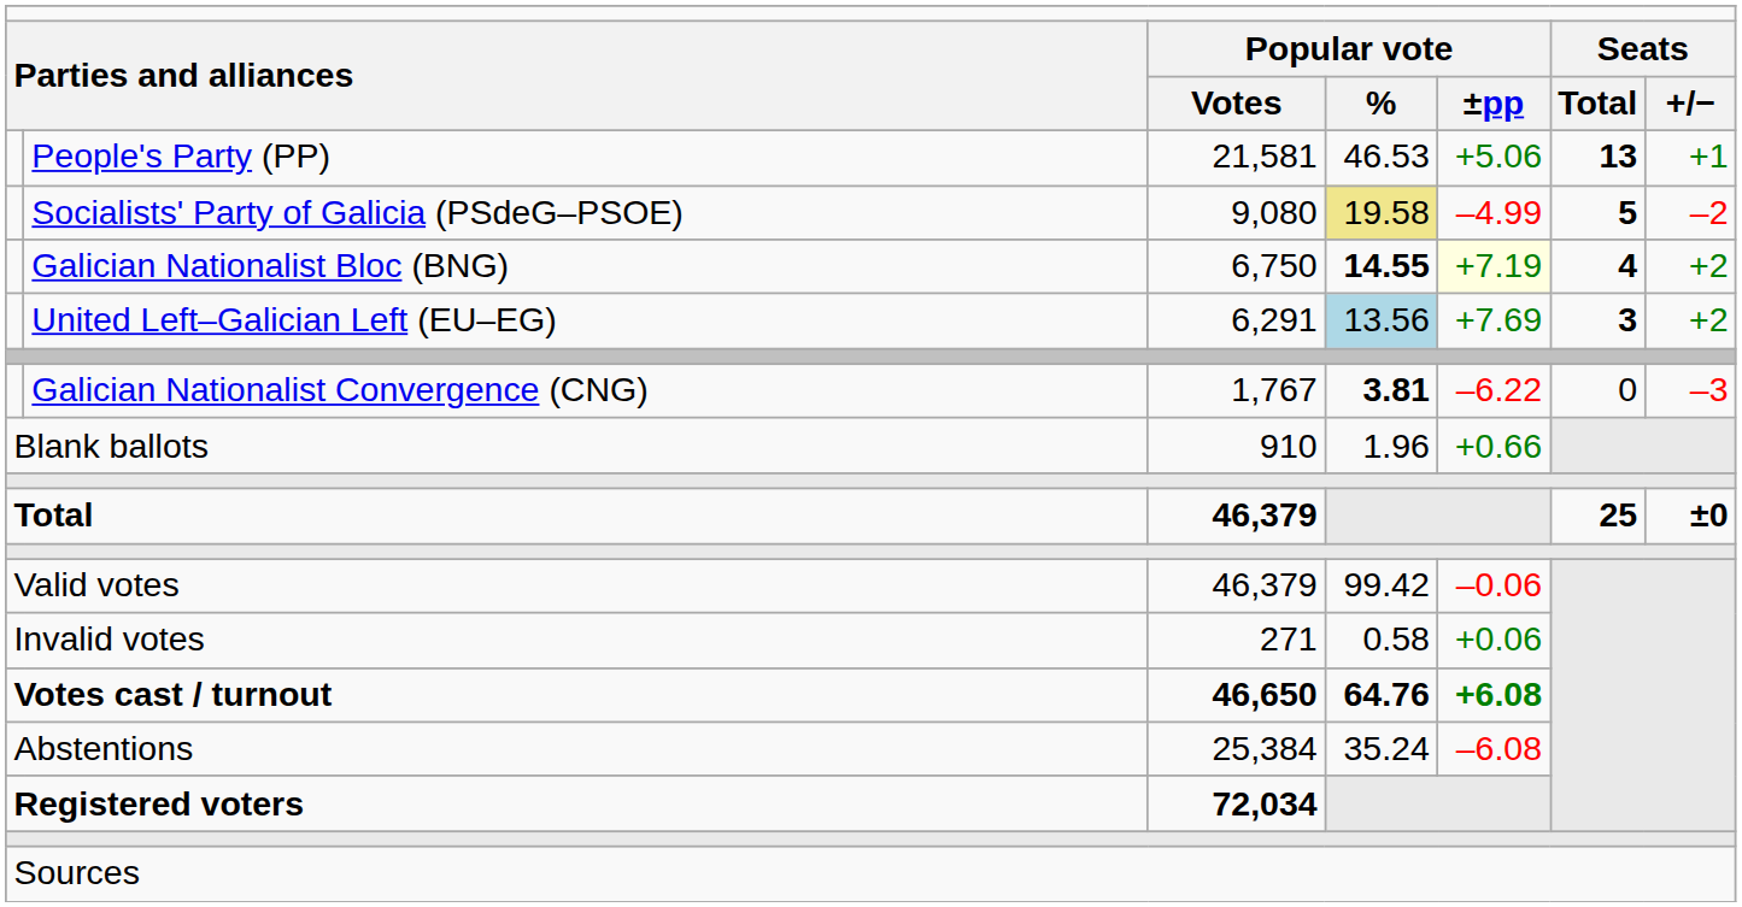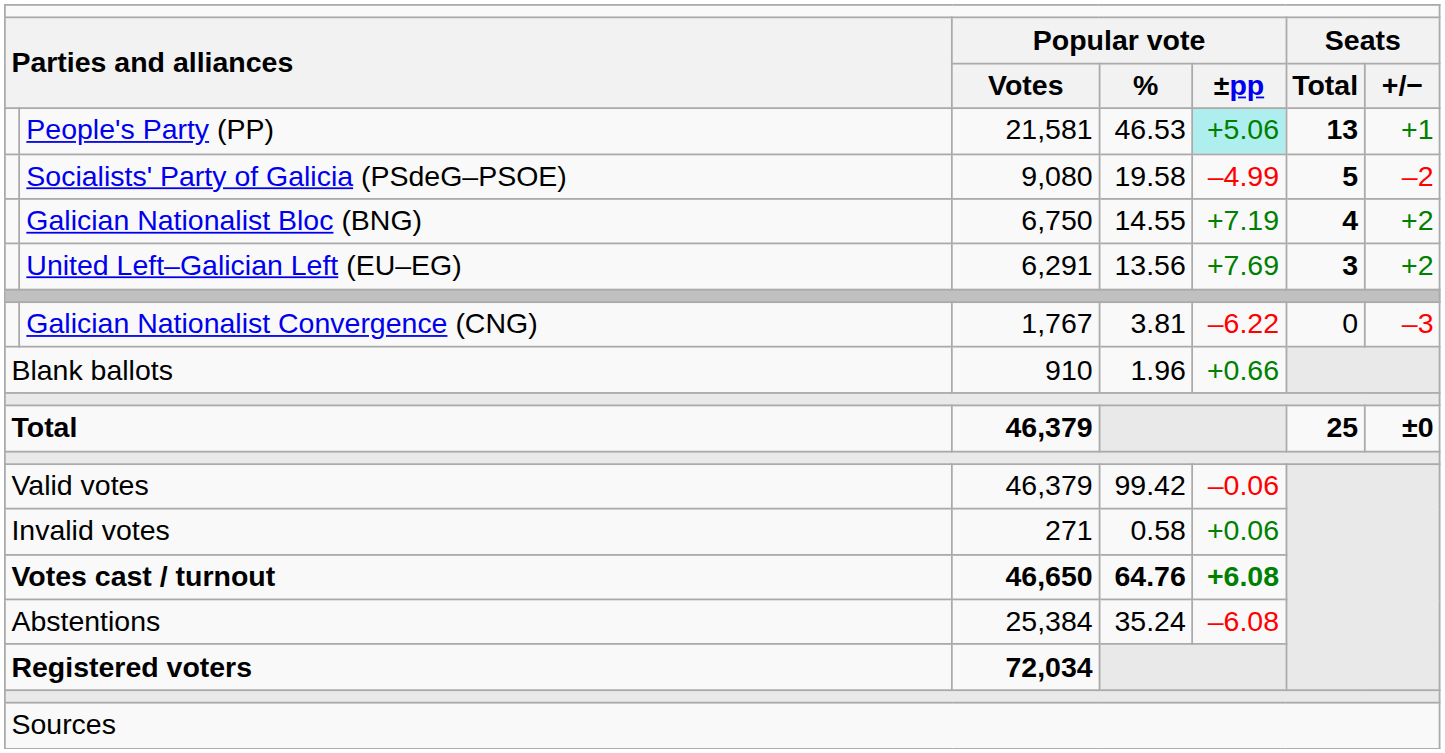 <table class="wikitable" style="text-align:right;">
 <tr>
 <td colspan="7"></td>
 </tr>
 <tr>
 <th style="text-align:left;" rowspan="2" colspan="2" width="525">Parties and alliances</th>
 <th colspan="3">Popular vote</th>
 <th colspan="2">Seats</th>
 </tr>
 <tr>
 <th width="75">Votes</th>
 <th width="45">%</th>
 <th width="45">±<a href='#'>pp</a></th>
 <th width="35">Total</th>
 <th width="35">+/−</th>
 </tr>
 <tr>
 <td width="1" style="color:inherit;background:"></td>
 <td align="left"><a href='#'>People's Party</a> (PP)</td>
 <td>21,581</td>
 <td>46.53</td>
-<td style="color:green;">+5.06</td>
+<td style="background: paleturquoise; color:green;">+5.06</td>
 <td><strong>13</strong></td>
 <td style="color:green;">+1</td>
 </tr>
 <tr>
 <td style="color:inherit;background:"></td>
 <td align="left"><a href='#'>Socialists' Party of Galicia</a> (PSdeG–PSOE)</td>
 <td>9,080</td>
-<td style="background: khaki;">19.58</td>
+<td>19.58</td>
 <td style="color:red;">–4.99</td>
 <td><strong>5</strong></td>
 <td style="color:red;">–2</td>
 </tr>
 <tr>
 <td style="color:inherit;background:"></td>
 <td align="left"><a href='#'>Galician Nationalist Bloc</a> (BNG)</td>
 <td>6,750</td>
-<td><strong>14.55</strong></td>
-<td style="background: lightyellow; color:green;">+7.19</td>
+<td>14.55</td>
+<td style="color:green;">+7.19</td>
 <td><strong>4</strong></td>
 <td style="color:green;">+2</td>
 </tr>
 <tr>
 <td style="color:inherit;background:"></td>
 <td align="left"><a href='#'>United Left–Galician Left</a> (EU–EG)</td>
 <td>6,291</td>
-<td style="background: lightblue;">13.56</td>
+<td>13.56</td>
 <td style="color:green;">+7.69</td>
 <td><strong>3</strong></td>
 <td style="color:green;">+2</td>
 </tr>
 <tr>
 <td colspan="7" bgcolor="#C0C0C0"></td>
 </tr>
 <tr>
 <td style="color:inherit;background:"></td>
 <td align="left"><a href='#'>Galician Nationalist Convergence</a> (CNG)</td>
 <td>1,767</td>
-<td><strong>3.81</strong></td>
+<td>3.81</td>
 <td style="color:red;">–6.22</td>
 <td>0</td>
 <td style="color:red;">–3</td>
 </tr>
 <tr>
 <td align="left" colspan="2">Blank ballots</td>
 <td>910</td>
 <td>1.96</td>
 <td style="color:green;">+0.66</td>
 <td bgcolor="#E9E9E9" colspan="2"></td>
 </tr>
 <tr>
 <td colspan="7" bgcolor="#E9E9E9"></td>
 </tr>
 <tr style="font-weight:bold;">
 <td align="left" colspan="2">Total</td>
 <td>46,379</td>
 <td bgcolor="#E9E9E9" colspan="2"></td>
 <td>25</td>
 <td>±0</td>
 </tr>
 <tr>
 <td colspan="7" bgcolor="#E9E9E9"></td>
 </tr>
 <tr>
 <td align="left" colspan="2">Valid votes</td>
 <td>46,379</td>
 <td>99.42</td>
 <td style="color:red;">–0.06</td>
 <td bgcolor="#E9E9E9" colspan="2" rowspan="5"></td>
 </tr>
 <tr>
 <td align="left" colspan="2">Invalid votes</td>
 <td>271</td>
 <td>0.58</td>
 <td style="color:green;">+0.06</td>
 </tr>
 <tr style="font-weight:bold;">
 <td align="left" colspan="2">Votes cast / turnout</td>
 <td>46,650</td>
 <td>64.76</td>
 <td style="color:green;">+6.08</td>
 </tr>
 <tr>
 <td align="left" colspan="2">Abstentions</td>
 <td>25,384</td>
 <td>35.24</td>
 <td style="color:red;">–6.08</td>
 </tr>
 <tr style="font-weight:bold;">
 <td align="left" colspan="2">Registered voters</td>
 <td>72,034</td>
 <td bgcolor="#E9E9E9" colspan="2"></td>
 </tr>
 <tr>
 <td colspan="7" bgcolor="#E9E9E9"></td>
 </tr>
 <tr>
 <td align="left" colspan="7">Sources</td>
 </tr>
 </table>
